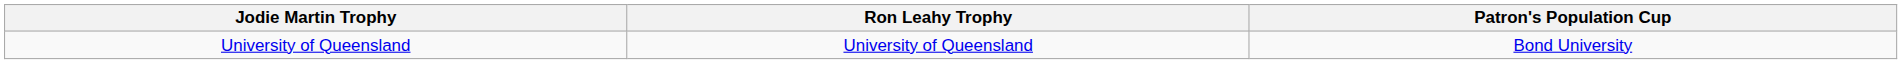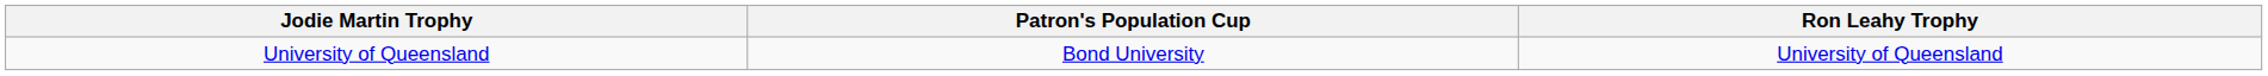 <table class="wikitable unsortable" style="width:90%; font-size:100%; text-align:center;">
 <tr>
 <th><strong>Jodie Martin Trophy</strong></th>
+<th><strong>Patron's Population Cup</strong></th>
 <th><strong>Ron Leahy Trophy</strong></th>
-<th><strong>Patron's Population Cup</strong></th>
 </tr>
 <tr>
 <td><a href='#'>University of Queensland</a></td>
+<td><a href='#'>Bond University</a></td>
 <td><a href='#'>University of Queensland</a></td>
-<td><a href='#'>Bond University</a></td>
 </tr>
 </table>
